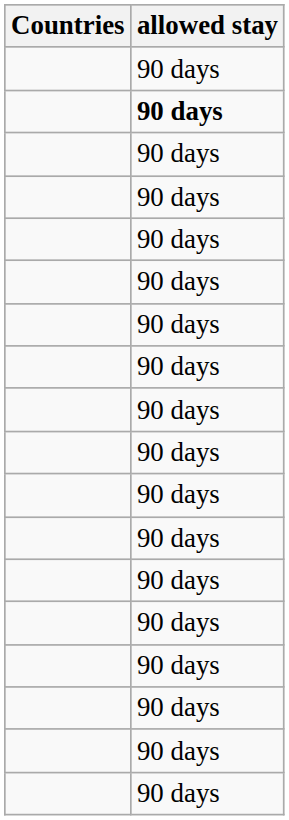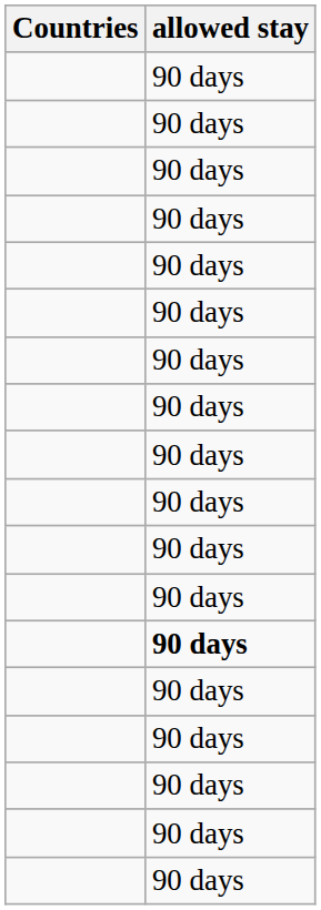 <table class="wikitable">
 <tr>
 <th>Countries</th>
 <th>allowed stay</th>
-</tr>
-<tr>
-<td></td>
-<td>90 days</td>
-</tr>
-<tr>
-<td></td>
-<td><strong>90 days</strong></td>
 </tr>
 <tr>
 <td></td>
 <td>90 days</td>
 </tr>
 <tr>
 <td></td>
 <td>90 days</td>
 </tr>
 <tr>
 <td></td>
 <td>90 days</td>
 </tr>
 <tr>
 <td></td>
 <td>90 days</td>
 </tr>
 <tr>
 <td></td>
 <td>90 days</td>
 </tr>
 <tr>
 <td></td>
 <td>90 days</td>
 </tr>
 <tr>
 <td></td>
 <td>90 days</td>
 </tr>
 <tr>
 <td></td>
 <td>90 days</td>
 </tr>
 <tr>
 <td></td>
 <td>90 days</td>
 </tr>
 <tr>
 <td></td>
 <td>90 days</td>
 </tr>
 <tr>
 <td></td>
 <td>90 days</td>
 </tr>
 <tr>
 <td></td>
 <td>90 days</td>
 </tr>
 <tr>
 <td></td>
+<td><strong>90 days</strong></td>
+</tr>
+<tr>
+<td></td>
+<td>90 days</td>
+</tr>
+<tr>
+<td></td>
 <td>90 days</td>
 </tr>
 <tr>
 <td></td>
 <td>90 days</td>
 </tr>
 <tr>
 <td></td>
 <td>90 days</td>
 </tr>
 <tr>
 <td></td>
 <td>90 days</td>
 </tr>
 </table>
